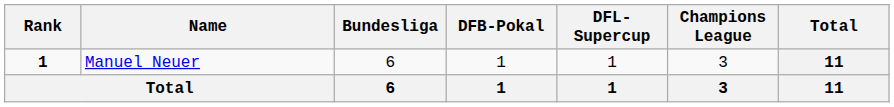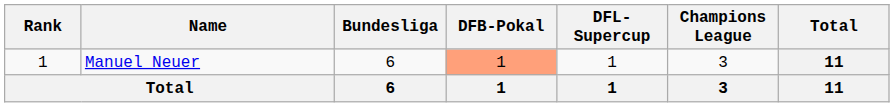 <table class="wikitable" style="text-align:center;">
 <tr>
 <th style="width:56px;">Rank</th>
 <th style="width:200px;">Name</th>
 <th style="width:84px;">Bundesliga</th>
 <th style="width:84px;">DFB-Pokal</th>
 <th style="width:84px;">DFL-Supercup</th>
 <th style="width:84px;">Champions League</th>
 <th style="width:84px;">Total</th>
 </tr>
 <tr>
-<td><strong>1</strong></td>
+<td>1</td>
 <td align="left"> <a href='#'>Manuel Neuer</a></td>
 <td>6</td>
-<td>1</td>
+<td style="background: lightsalmon;">1</td>
 <td>1</td>
 <td>3</td>
 <th>11</th>
 </tr>
 <tr>
 <th colspan="2">Total</th>
 <th>6</th>
 <th>1</th>
 <th>1</th>
 <th>3</th>
 <th>11</th>
 </tr>
 </table>
